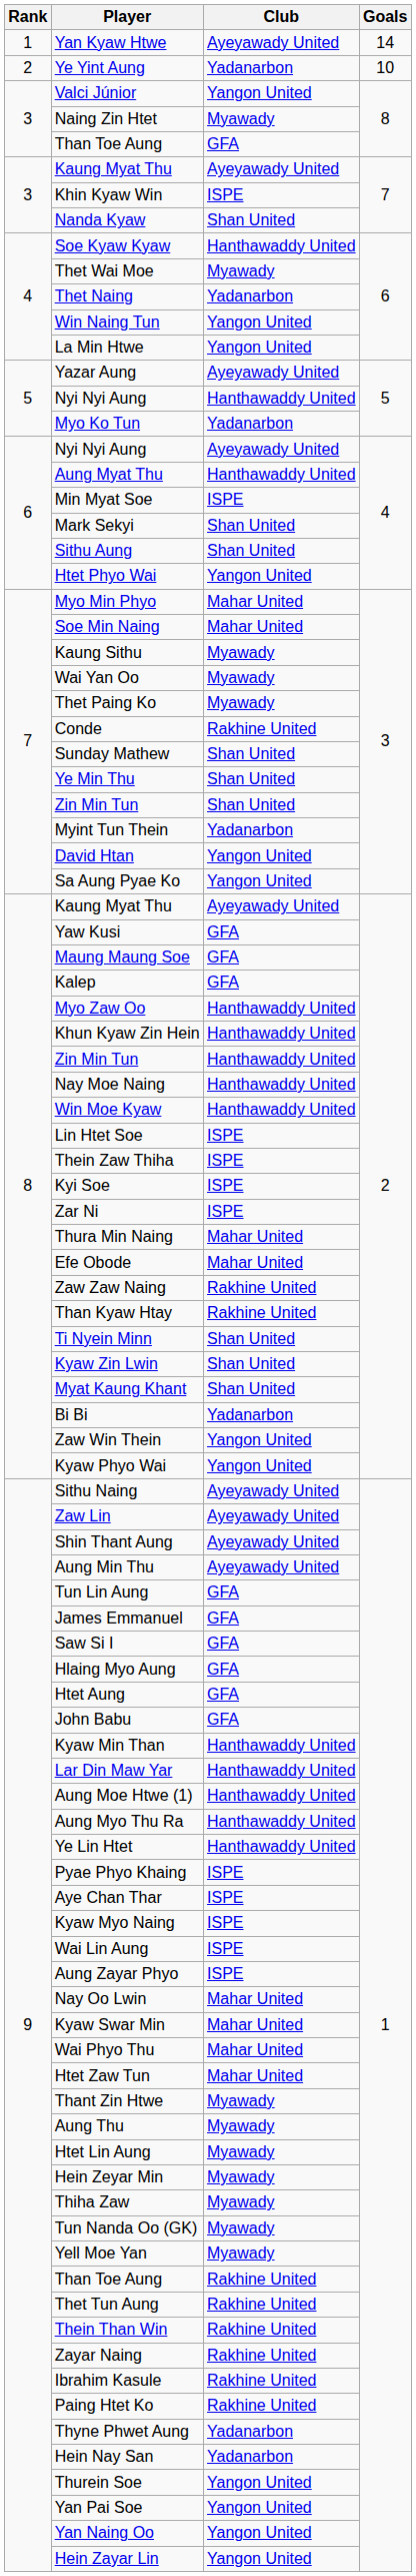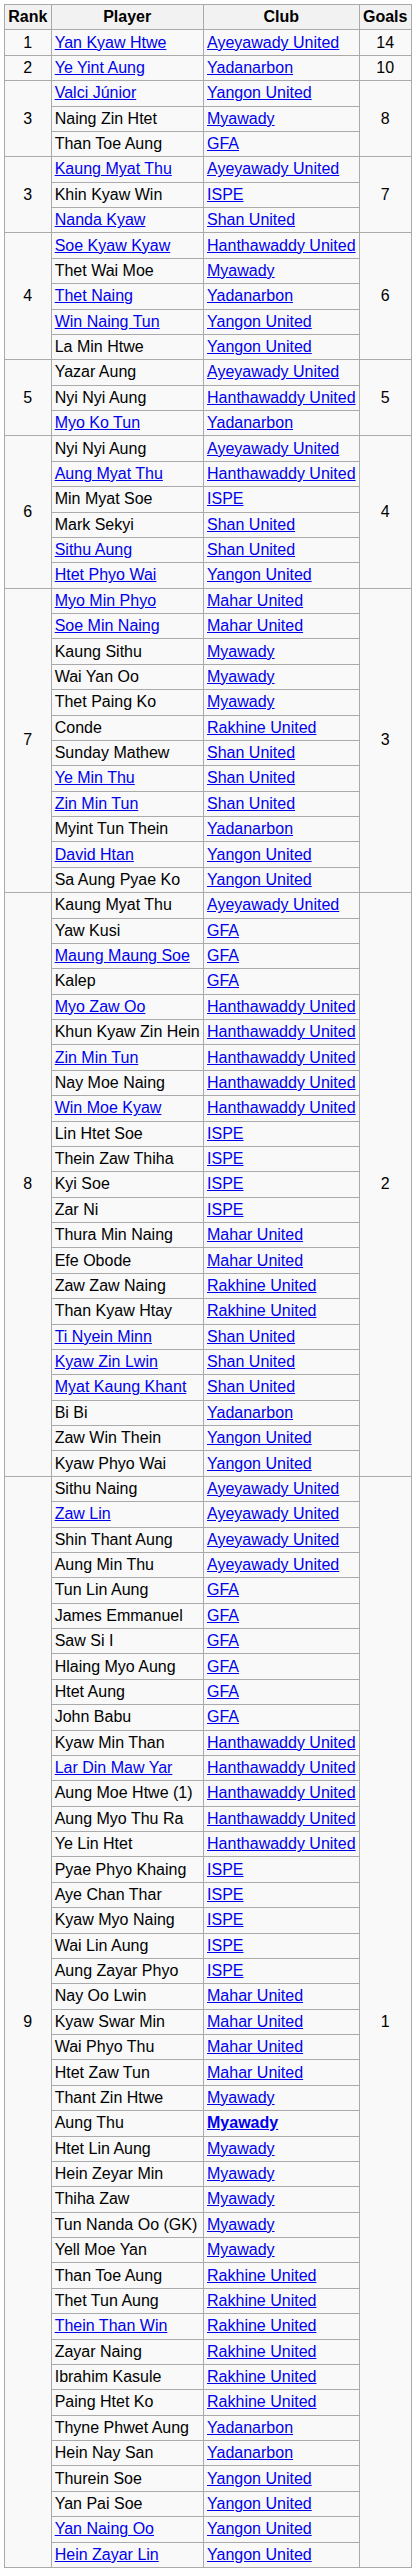 <table class="wikitable" style="text-align:center">
 <tr>
 <th>Rank</th>
 <th>Player</th>
 <th>Club</th>
 <th>Goals</th>
 </tr>
 <tr>
 <td>1</td>
 <td align="left"> <a href='#'>Yan Kyaw Htwe</a></td>
 <td align="left"><a href='#'>Ayeyawady United</a></td>
 <td>14</td>
 </tr>
 <tr>
 <td>2</td>
 <td align="left"> <a href='#'>Ye Yint Aung</a></td>
 <td align="left"><a href='#'>Yadanarbon</a></td>
 <td>10</td>
 </tr>
 <tr>
 <td rowspan="3">3</td>
 <td align="left"> <a href='#'>Valci Júnior</a></td>
 <td align="left"><a href='#'>Yangon United</a></td>
 <td rowspan="3">8</td>
 </tr>
 <tr>
 <td align="left"> Naing Zin Htet</td>
 <td align="left"><a href='#'>Myawady</a></td>
 </tr>
 <tr>
 <td align="left"> Than Toe Aung</td>
 <td align="left"><a href='#'>GFA</a></td>
 </tr>
 <tr>
 <td rowspan="3">3</td>
 <td align="left"> <a href='#'>Kaung Myat Thu</a></td>
 <td align="left"><a href='#'>Ayeyawady United</a></td>
 <td rowspan="3">7</td>
 </tr>
 <tr>
 <td align="left"> Khin Kyaw Win</td>
 <td align="left"><a href='#'>ISPE</a></td>
 </tr>
 <tr>
 <td align="left"> <a href='#'>Nanda Kyaw</a></td>
 <td align="left"><a href='#'>Shan United</a></td>
 </tr>
 <tr>
 <td rowspan="5">4</td>
 <td align="left"> <a href='#'>Soe Kyaw Kyaw</a></td>
 <td align="left"><a href='#'>Hanthawaddy United</a></td>
 <td rowspan="5">6</td>
 </tr>
 <tr>
 <td align="left"> Thet Wai Moe</td>
 <td align="left"><a href='#'>Myawady</a></td>
 </tr>
 <tr>
 <td align="left"> <a href='#'>Thet Naing</a></td>
 <td align="left"><a href='#'>Yadanarbon</a></td>
 </tr>
 <tr>
 <td align="left"> <a href='#'>Win Naing Tun</a></td>
 <td align="left"><a href='#'>Yangon United</a></td>
 </tr>
 <tr>
 <td align="left"> La Min Htwe</td>
 <td align="left"><a href='#'>Yangon United</a></td>
 </tr>
 <tr>
 <td rowspan="3">5</td>
 <td align="left"> Yazar Aung</td>
 <td align="left"><a href='#'>Ayeyawady United</a></td>
 <td rowspan="3">5</td>
 </tr>
 <tr>
 <td align="left"> Nyi Nyi Aung</td>
 <td align="left"><a href='#'>Hanthawaddy United</a></td>
 </tr>
 <tr>
 <td align="left"> <a href='#'>Myo Ko Tun</a></td>
 <td align="left"><a href='#'>Yadanarbon</a></td>
 </tr>
 <tr>
 <td rowspan="6">6</td>
 <td align="left"> Nyi Nyi Aung</td>
 <td align="left"><a href='#'>Ayeyawady United</a></td>
 <td rowspan="6">4</td>
 </tr>
 <tr>
 <td align="left"> <a href='#'>Aung Myat Thu</a></td>
 <td align="left"><a href='#'>Hanthawaddy United</a></td>
 </tr>
 <tr>
 <td align="left"> Min Myat Soe</td>
 <td align="left"><a href='#'>ISPE</a></td>
 </tr>
 <tr>
 <td align="left"> Mark Sekyi</td>
 <td align="left"><a href='#'>Shan United</a></td>
 </tr>
 <tr>
 <td align="left"> <a href='#'>Sithu Aung</a></td>
 <td align="left"><a href='#'>Shan United</a></td>
 </tr>
 <tr>
 <td align="left"> <a href='#'>Htet Phyo Wai</a></td>
 <td align="left"><a href='#'>Yangon United</a></td>
 </tr>
 <tr>
 <td rowspan="12">7</td>
 <td align="left"> <a href='#'>Myo Min Phyo</a></td>
 <td align="left"><a href='#'>Mahar United</a></td>
 <td rowspan="12">3</td>
 </tr>
 <tr>
 <td align="left"> <a href='#'>Soe Min Naing</a></td>
 <td align="left"><a href='#'>Mahar United</a></td>
 </tr>
 <tr>
 <td align="left"> Kaung Sithu</td>
 <td align="left"><a href='#'>Myawady</a></td>
 </tr>
 <tr>
 <td align="left"> Wai Yan Oo</td>
 <td align="left"><a href='#'>Myawady</a></td>
 </tr>
 <tr>
 <td align="left"> Thet Paing Ko</td>
 <td align="left"><a href='#'>Myawady</a></td>
 </tr>
 <tr>
 <td align="left"> Conde</td>
 <td align="left"><a href='#'>Rakhine United</a></td>
 </tr>
 <tr>
 <td align="left"> Sunday Mathew</td>
 <td align="left"><a href='#'>Shan United</a></td>
 </tr>
 <tr>
 <td align="left"> <a href='#'>Ye Min Thu</a></td>
 <td align="left"><a href='#'>Shan United</a></td>
 </tr>
 <tr>
 <td align="left"> <a href='#'>Zin Min Tun</a></td>
 <td align="left"><a href='#'>Shan United</a></td>
 </tr>
 <tr>
 <td align="left"> Myint Tun Thein</td>
 <td align="left"><a href='#'>Yadanarbon</a></td>
 </tr>
 <tr>
 <td align="left"> <a href='#'>David Htan</a></td>
 <td align="left"><a href='#'>Yangon United</a></td>
 </tr>
 <tr>
 <td align="left"> Sa Aung Pyae Ko</td>
 <td align="left"><a href='#'>Yangon United</a></td>
 </tr>
 <tr>
 <td rowspan="23">8</td>
 <td align="left"> Kaung Myat Thu</td>
 <td align="left"><a href='#'>Ayeyawady United</a></td>
 <td rowspan="23">2</td>
 </tr>
 <tr>
 <td align="left"> Yaw Kusi</td>
 <td align="left"><a href='#'>GFA</a></td>
 </tr>
 <tr>
 <td align="left"> <a href='#'>Maung Maung Soe</a></td>
 <td align="left"><a href='#'>GFA</a></td>
 </tr>
 <tr>
 <td align="left"> Kalep</td>
 <td align="left"><a href='#'>GFA</a></td>
 </tr>
 <tr>
 <td align="left"> <a href='#'>Myo Zaw Oo</a></td>
 <td align="left"><a href='#'>Hanthawaddy United</a></td>
 </tr>
 <tr>
 <td align="left"> Khun Kyaw Zin Hein</td>
 <td align="left"><a href='#'>Hanthawaddy United</a></td>
 </tr>
 <tr>
 <td align="left"> <a href='#'>Zin Min Tun</a></td>
 <td align="left"><a href='#'>Hanthawaddy United</a></td>
 </tr>
 <tr>
 <td align="left"> Nay Moe Naing</td>
 <td align="left"><a href='#'>Hanthawaddy United</a></td>
 </tr>
 <tr>
 <td align="left"> <a href='#'>Win Moe Kyaw</a></td>
 <td align="left"><a href='#'>Hanthawaddy United</a></td>
 </tr>
 <tr>
 <td align="left"> Lin Htet Soe</td>
 <td align="left"><a href='#'>ISPE</a></td>
 </tr>
 <tr>
 <td align="left"> Thein Zaw Thiha</td>
 <td align="left"><a href='#'>ISPE</a></td>
 </tr>
 <tr>
 <td align="left"> Kyi Soe</td>
 <td align="left"><a href='#'>ISPE</a></td>
 </tr>
 <tr>
 <td align="left"> Zar Ni</td>
 <td align="left"><a href='#'>ISPE</a></td>
 </tr>
 <tr>
 <td align="left"> Thura Min Naing</td>
 <td align="left"><a href='#'>Mahar United</a></td>
 </tr>
 <tr>
 <td align="left"> Efe Obode</td>
 <td align="left"><a href='#'>Mahar United</a></td>
 </tr>
 <tr>
 <td align="left"> Zaw Zaw Naing</td>
 <td align="left"><a href='#'>Rakhine United</a></td>
 </tr>
 <tr>
 <td align="left"> Than Kyaw Htay</td>
 <td align="left"><a href='#'>Rakhine United</a></td>
 </tr>
 <tr>
 <td align="left"> <a href='#'>Ti Nyein Minn</a></td>
 <td align="left"><a href='#'>Shan United</a></td>
 </tr>
 <tr>
 <td align="left"> <a href='#'>Kyaw Zin Lwin</a></td>
 <td align="left"><a href='#'>Shan United</a></td>
 </tr>
 <tr>
 <td align="left"> <a href='#'>Myat Kaung Khant</a></td>
 <td align="left"><a href='#'>Shan United</a></td>
 </tr>
 <tr>
 <td align="left"> Bi Bi</td>
 <td align="left"><a href='#'>Yadanarbon</a></td>
 </tr>
 <tr>
 <td align="left"> Zaw Win Thein</td>
 <td align="left"><a href='#'>Yangon United</a></td>
 </tr>
 <tr>
 <td align="left"> Kyaw Phyo Wai</td>
 <td align="left"><a href='#'>Yangon United</a></td>
 </tr>
 <tr>
 <td rowspan="43">9</td>
 <td align="left"> Sithu Naing</td>
 <td align="left"><a href='#'>Ayeyawady United</a></td>
 <td rowspan="43">1</td>
 </tr>
 <tr>
 <td align="left"> <a href='#'>Zaw Lin</a></td>
 <td align="left"><a href='#'>Ayeyawady United</a></td>
 </tr>
 <tr>
 <td align="left"> Shin Thant Aung</td>
 <td align="left"><a href='#'>Ayeyawady United</a></td>
 </tr>
 <tr>
 <td align="left"> Aung Min Thu</td>
 <td align="left"><a href='#'>Ayeyawady United</a></td>
 </tr>
 <tr>
 <td align="left"> Tun Lin Aung</td>
 <td align="left"><a href='#'>GFA</a></td>
 </tr>
 <tr>
 <td align="left"> James Emmanuel</td>
 <td align="left"><a href='#'>GFA</a></td>
 </tr>
 <tr>
 <td align="left"> Saw Si I</td>
 <td align="left"><a href='#'>GFA</a></td>
 </tr>
 <tr>
 <td align="left"> Hlaing Myo Aung</td>
 <td align="left"><a href='#'>GFA</a></td>
 </tr>
 <tr>
 <td align="left"> Htet Aung</td>
 <td align="left"><a href='#'>GFA</a></td>
 </tr>
 <tr>
 <td align="left"> John Babu</td>
 <td align="left"><a href='#'>GFA</a></td>
 </tr>
 <tr>
 <td align="left"> Kyaw Min Than</td>
 <td align="left"><a href='#'>Hanthawaddy United</a></td>
 </tr>
 <tr>
 <td align="left"> <a href='#'>Lar Din Maw Yar</a></td>
 <td align="left"><a href='#'>Hanthawaddy United</a></td>
 </tr>
 <tr>
 <td align="left"> Aung Moe Htwe (1)</td>
 <td align="left"><a href='#'>Hanthawaddy United</a></td>
 </tr>
 <tr>
 <td align="left"> Aung Myo Thu Ra</td>
 <td align="left"><a href='#'>Hanthawaddy United</a></td>
 </tr>
 <tr>
 <td align="left"> Ye Lin Htet</td>
 <td align="left"><a href='#'>Hanthawaddy United</a></td>
 </tr>
 <tr>
 <td align="left"> Pyae Phyo Khaing</td>
 <td align="left"><a href='#'>ISPE</a></td>
 </tr>
 <tr>
 <td align="left"> Aye Chan Thar</td>
 <td align="left"><a href='#'>ISPE</a></td>
 </tr>
 <tr>
 <td align="left"> Kyaw Myo Naing</td>
 <td align="left"><a href='#'>ISPE</a></td>
 </tr>
 <tr>
 <td align="left"> Wai Lin Aung</td>
 <td align="left"><a href='#'>ISPE</a></td>
 </tr>
 <tr>
 <td align="left"> Aung Zayar Phyo</td>
 <td align="left"><a href='#'>ISPE</a></td>
 </tr>
 <tr>
 <td align="left"> Nay Oo Lwin</td>
 <td align="left"><a href='#'>Mahar United</a></td>
 </tr>
 <tr>
 <td align="left"> Kyaw Swar Min</td>
 <td align="left"><a href='#'>Mahar United</a></td>
 </tr>
 <tr>
 <td align="left"> Wai Phyo Thu</td>
 <td align="left"><a href='#'>Mahar United</a></td>
 </tr>
 <tr>
 <td align="left"> Htet Zaw Tun</td>
 <td align="left"><a href='#'>Mahar United</a></td>
 </tr>
 <tr>
 <td align="left"> Thant Zin Htwe</td>
 <td align="left"><a href='#'>Myawady</a></td>
 </tr>
 <tr>
 <td align="left"> Aung Thu</td>
-<td align="left"><a href='#'>Myawady</a></td>
+<td align="left"><strong><a href='#'>Myawady</a></strong></td>
 </tr>
 <tr>
 <td align="left"> Htet Lin Aung</td>
 <td align="left"><a href='#'>Myawady</a></td>
 </tr>
 <tr>
 <td align="left"> Hein Zeyar Min</td>
 <td align="left"><a href='#'>Myawady</a></td>
 </tr>
 <tr>
 <td align="left"> Thiha Zaw</td>
 <td align="left"><a href='#'>Myawady</a></td>
 </tr>
 <tr>
 <td align="left"> Tun Nanda Oo (GK)</td>
 <td align="left"><a href='#'>Myawady</a></td>
 </tr>
 <tr>
 <td align="left"> Yell Moe Yan</td>
 <td align="left"><a href='#'>Myawady</a></td>
 </tr>
 <tr>
 <td align="left"> Than Toe Aung</td>
 <td align="left"><a href='#'>Rakhine United</a></td>
 </tr>
 <tr>
 <td align="left"> Thet Tun Aung</td>
 <td align="left"><a href='#'>Rakhine United</a></td>
 </tr>
 <tr>
 <td align="left"> <a href='#'>Thein Than Win</a></td>
 <td align="left"><a href='#'>Rakhine United</a></td>
 </tr>
 <tr>
 <td align="left"> Zayar Naing</td>
 <td align="left"><a href='#'>Rakhine United</a></td>
 </tr>
 <tr>
 <td align="left"> Ibrahim Kasule</td>
 <td align="left"><a href='#'>Rakhine United</a></td>
 </tr>
 <tr>
 <td align="left"> Paing Htet Ko</td>
 <td align="left"><a href='#'>Rakhine United</a></td>
 </tr>
 <tr>
 <td align="left"> Thyne Phwet Aung</td>
 <td align="left"><a href='#'>Yadanarbon</a></td>
 </tr>
 <tr>
 <td align="left"> Hein Nay San</td>
 <td align="left"><a href='#'>Yadanarbon</a></td>
 </tr>
 <tr>
 <td align="left"> Thurein Soe</td>
 <td align="left"><a href='#'>Yangon United</a></td>
 </tr>
 <tr>
 <td align="left"> Yan Pai Soe</td>
 <td align="left"><a href='#'>Yangon United</a></td>
 </tr>
 <tr>
 <td align="left"> <a href='#'>Yan Naing Oo</a></td>
 <td align="left"><a href='#'>Yangon United</a></td>
 </tr>
 <tr>
 <td align="left"> <a href='#'>Hein Zayar Lin</a></td>
 <td align="left"><a href='#'>Yangon United</a></td>
 </tr>
 <tr>
 </tr>
 </table>
